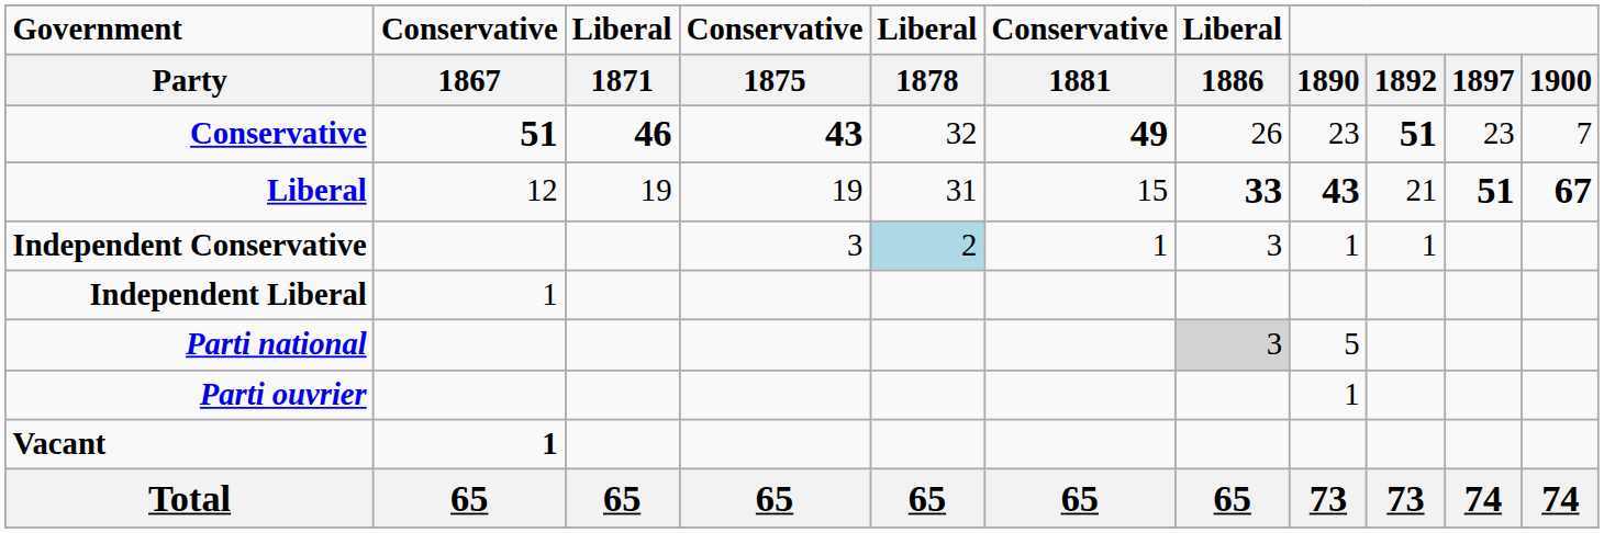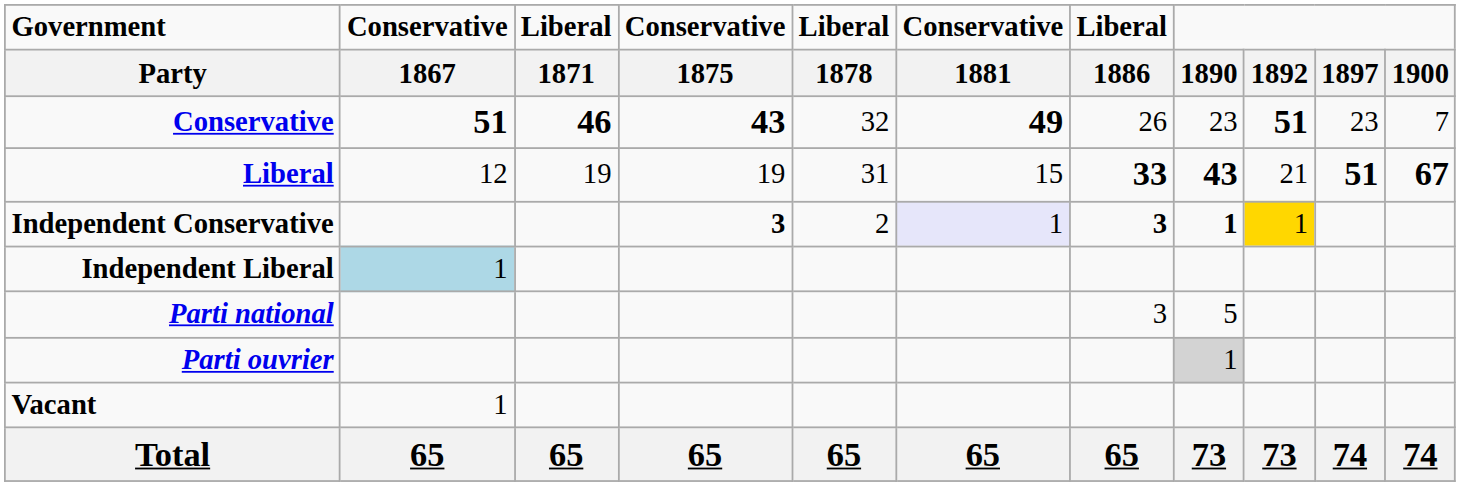 <table class="wikitable">
 <tr>
 <td><strong>Government</strong></td>
 <td><strong>Conservative</strong></td>
 <td><strong>Liberal</strong></td>
 <td><strong>Conservative</strong></td>
 <td><strong>Liberal</strong></td>
 <td><strong>Conservative</strong></td>
 <td><strong>Liberal</strong></td>
 </tr>
 <tr>
 <th>Party</th>
 <th>1867</th>
 <th>1871</th>
 <th>1875</th>
 <th>1878</th>
 <th>1881</th>
 <th>1886</th>
 <th>1890</th>
 <th>1892</th>
 <th>1897</th>
 <th>1900</th>
 </tr>
 <tr align = "right">
 <td><strong><a href='#'>Conservative</a> </strong></td>
 <td><strong><big>51</big></strong></td>
 <td><strong><big>46</big></strong></td>
 <td><strong><big>43</big></strong></td>
 <td>32</td>
 <td><strong><big>49</big></strong></td>
 <td>26</td>
 <td>23</td>
 <td><big><strong>51</strong></big></td>
 <td>23</td>
 <td>7</td>
 </tr>
 <tr align = "right">
 <td><strong><a href='#'>Liberal</a></strong></td>
 <td>12</td>
 <td>19</td>
 <td>19</td>
 <td>31</td>
 <td>15</td>
 <td><strong><big>33</big></strong></td>
 <td><strong><big>43</big></strong></td>
 <td>21</td>
 <td><strong><big>51</big></strong></td>
 <td><strong><big>67</big></strong></td>
 </tr>
 <tr align = "right">
 <td><strong>Independent Conservative</strong></td>
 <td></td>
 <td></td>
-<td>3</td>
-<td style="background: lightblue;">2</td>
-<td>1</td>
-<td>3</td>
-<td>1</td>
-<td>1</td>
+<td><strong>3</strong></td>
+<td>2</td>
+<td style="background: lavender;">1</td>
+<td><strong>3</strong></td>
+<td><strong>1</strong></td>
+<td style="background: gold;">1</td>
 <td></td>
 <td></td>
 </tr>
 <tr align = "right">
 <td><strong>Independent Liberal</strong></td>
-<td>1</td>
+<td style="background: lightblue;">1</td>
 <td></td>
 <td></td>
 <td></td>
 <td></td>
 <td></td>
 <td></td>
 <td></td>
 <td></td>
 <td></td>
 </tr>
 <tr align = "right">
 <td><strong><em><a href='#'>Parti national</a></em></strong></td>
 <td></td>
 <td></td>
 <td></td>
 <td></td>
 <td></td>
-<td style="background: lightgrey;">3</td>
+<td>3</td>
 <td>5</td>
 <td></td>
 <td></td>
 <td></td>
 </tr>
 <tr align = "right">
 <td><strong><em><a href='#'>Parti ouvrier</a></em></strong></td>
 <td></td>
 <td></td>
 <td></td>
 <td></td>
 <td></td>
 <td></td>
-<td>1</td>
+<td style="background: lightgrey;">1</td>
 <td></td>
 <td></td>
 <td></td>
 </tr>
 <tr align = "right">
 <td align="left"><strong>Vacant</strong></td>
-<td><strong>1</strong></td>
+<td>1</td>
 <td></td>
 <td></td>
 <td></td>
 <td></td>
 <td></td>
 <td></td>
 <td></td>
 <td></td>
 <td></td>
 </tr>
 <tr align = "right">
 <th align="left"><strong><big><u>Total</u></big></strong></th>
 <th><strong><big><u>65</u></big></strong></th>
 <th><strong><big><u>65</u></big></strong></th>
 <th><strong><big><u>65</u></big></strong></th>
 <th><strong><big><u>65</u></big></strong></th>
 <th><strong><big><u>65</u></big></strong></th>
 <th><strong><big><u>65</u></big></strong></th>
 <th><strong><big><u>73</u></big></strong></th>
 <th><strong><big><u>73</u></big></strong></th>
 <th><strong><big><u>74</u></big></strong></th>
 <th><strong><big><u>74</u></big></strong></th>
 </tr>
 </table>
